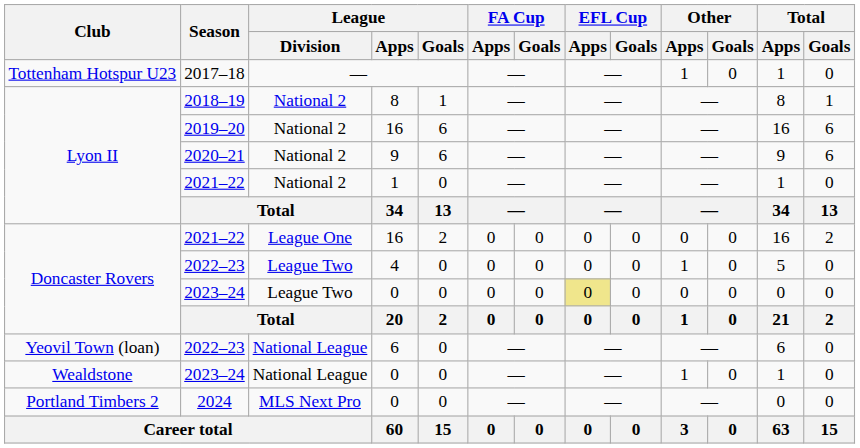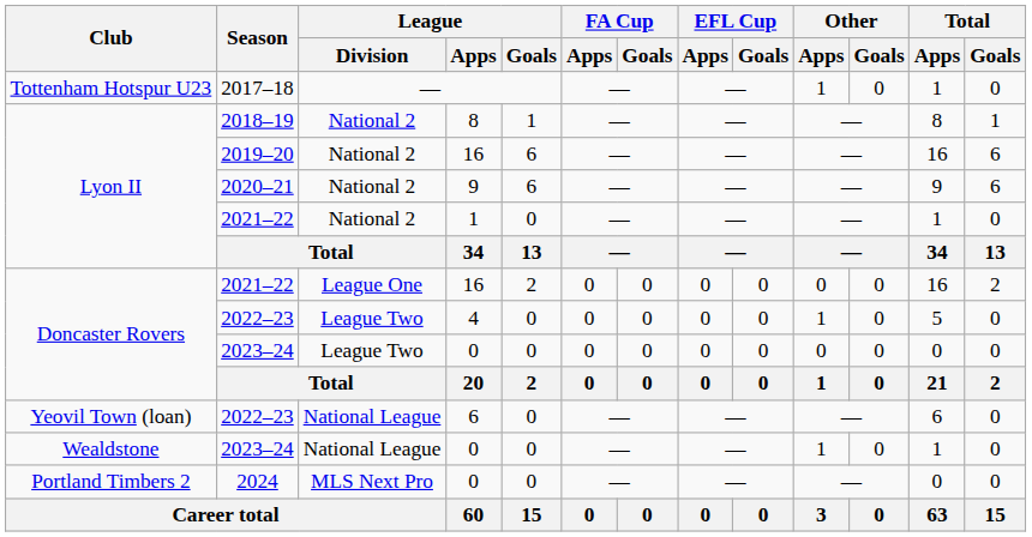 <table class="wikitable" style="text-align:center">
 <tr>
 <th rowspan="2">Club</th>
 <th rowspan="2">Season</th>
 <th colspan="3">League</th>
 <th colspan="2"><a href='#'>FA Cup</a></th>
 <th colspan="2"><a href='#'>EFL Cup</a></th>
 <th colspan="2">Other</th>
 <th colspan="2">Total</th>
 </tr>
 <tr>
 <th>Division</th>
 <th>Apps</th>
 <th>Goals</th>
 <th>Apps</th>
 <th>Goals</th>
 <th>Apps</th>
 <th>Goals</th>
 <th>Apps</th>
 <th>Goals</th>
 <th>Apps</th>
 <th>Goals</th>
 </tr>
 <tr>
 <td><a href='#'>Tottenham Hotspur U23</a></td>
 <td>2017–18</td>
 <td colspan="3">—</td>
 <td colspan="2">—</td>
 <td colspan="2">—</td>
 <td>1</td>
 <td>0</td>
 <td>1</td>
 <td>0</td>
 </tr>
 <tr>
 <td rowspan="5"><a href='#'>Lyon II</a></td>
 <td><a href='#'>2018–19</a></td>
 <td><a href='#'>National 2</a></td>
 <td>8</td>
 <td>1</td>
 <td colspan="2">—</td>
 <td colspan="2">—</td>
 <td colspan="2">—</td>
 <td>8</td>
 <td>1</td>
 </tr>
 <tr>
 <td><a href='#'>2019–20</a></td>
 <td>National 2</td>
 <td>16</td>
 <td>6</td>
 <td colspan="2">—</td>
 <td colspan="2">—</td>
 <td colspan="2">—</td>
 <td>16</td>
 <td>6</td>
 </tr>
 <tr>
 <td><a href='#'>2020–21</a></td>
 <td>National 2</td>
 <td>9</td>
 <td>6</td>
 <td colspan="2">—</td>
 <td colspan="2">—</td>
 <td colspan="2">—</td>
 <td>9</td>
 <td>6</td>
 </tr>
 <tr>
 <td><a href='#'>2021–22</a></td>
 <td>National 2</td>
 <td>1</td>
 <td>0</td>
 <td colspan="2">—</td>
 <td colspan="2">—</td>
 <td colspan="2">—</td>
 <td>1</td>
 <td>0</td>
 </tr>
 <tr>
 <th colspan="2">Total</th>
 <th>34</th>
 <th>13</th>
 <th colspan="2">—</th>
 <th colspan="2">—</th>
 <th colspan="2">—</th>
 <th>34</th>
 <th>13</th>
 </tr>
 <tr>
 <td rowspan="4"><a href='#'>Doncaster Rovers</a></td>
 <td><a href='#'>2021–22</a></td>
 <td><a href='#'>League One</a></td>
 <td>16</td>
 <td>2</td>
 <td>0</td>
 <td>0</td>
 <td>0</td>
 <td>0</td>
 <td>0</td>
 <td>0</td>
 <td>16</td>
 <td>2</td>
 </tr>
 <tr>
 <td><a href='#'>2022–23</a></td>
 <td><a href='#'>League Two</a></td>
 <td>4</td>
 <td>0</td>
 <td>0</td>
 <td>0</td>
 <td>0</td>
 <td>0</td>
 <td>1</td>
 <td>0</td>
 <td>5</td>
 <td>0</td>
 </tr>
 <tr>
 <td><a href='#'>2023–24</a></td>
 <td>League Two</td>
 <td>0</td>
 <td>0</td>
 <td>0</td>
 <td>0</td>
-<td style="background: khaki;">0</td>
+<td>0</td>
 <td>0</td>
 <td>0</td>
 <td>0</td>
 <td>0</td>
 <td>0</td>
 </tr>
 <tr>
 <th colspan="2">Total</th>
 <th>20</th>
 <th>2</th>
 <th>0</th>
 <th>0</th>
 <th>0</th>
 <th>0</th>
 <th>1</th>
 <th>0</th>
 <th>21</th>
 <th>2</th>
 </tr>
 <tr>
 <td><a href='#'>Yeovil Town</a> (loan)</td>
 <td><a href='#'>2022–23</a></td>
 <td><a href='#'>National League</a></td>
 <td>6</td>
 <td>0</td>
 <td colspan="2">—</td>
 <td colspan="2">—</td>
 <td colspan="2">—</td>
 <td>6</td>
 <td>0</td>
 </tr>
 <tr>
 <td><a href='#'>Wealdstone</a></td>
 <td><a href='#'>2023–24</a></td>
 <td>National League</td>
 <td>0</td>
 <td>0</td>
 <td colspan="2">—</td>
 <td colspan="2">—</td>
 <td>1</td>
 <td>0</td>
 <td>1</td>
 <td>0</td>
 </tr>
 <tr>
 <td><a href='#'>Portland Timbers 2</a></td>
 <td><a href='#'>2024</a></td>
 <td><a href='#'>MLS Next Pro</a></td>
 <td>0</td>
 <td>0</td>
 <td colspan="2">—</td>
 <td colspan="2">—</td>
 <td colspan="2">—</td>
 <td>0</td>
 <td>0</td>
 </tr>
 <tr>
 <th colspan="3">Career total</th>
 <th>60</th>
 <th>15</th>
 <th>0</th>
 <th>0</th>
 <th>0</th>
 <th>0</th>
 <th>3</th>
 <th>0</th>
 <th>63</th>
 <th>15</th>
 </tr>
 </table>
